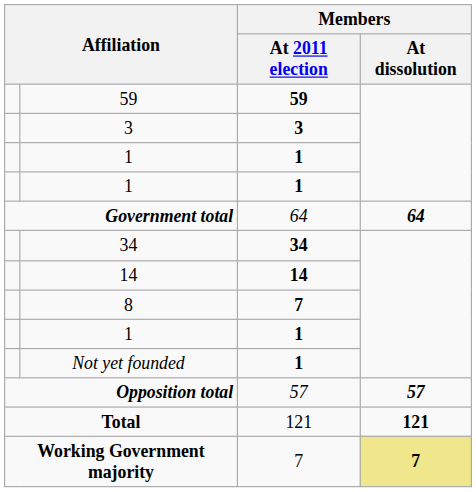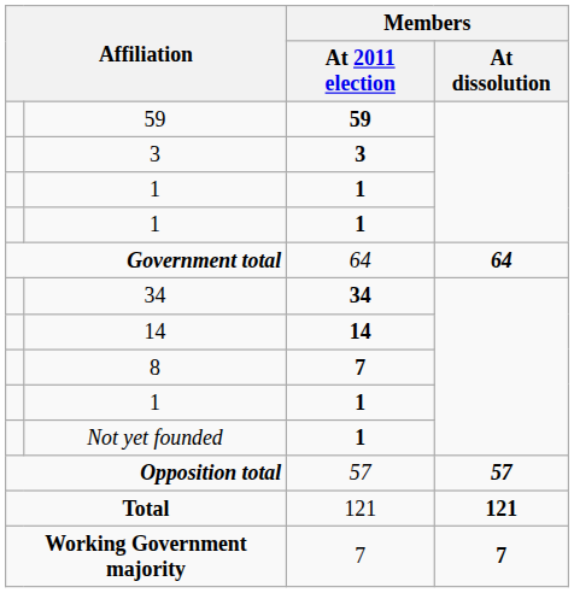 <table class="wikitable" border="1" style="font-size:95%; width:300pt; text-align:center">
 <tr>
 <th colspan="2" rowspan="2" style="text-align:center;vertical-align:middle; ">Affiliation</th>
 <th colspan="2" style="vertical-align:top;">Members</th>
 </tr>
 <tr>
 <th>At <a href='#'>2011 election</a></th>
 <th>At dissolution</th>
 </tr>
 <tr>
 <td></td>
 <td>59</td>
 <td><strong>59</strong></td>
 </tr>
 <tr>
 <td></td>
 <td>3</td>
 <td><strong>3</strong></td>
 </tr>
 <tr>
 <td></td>
 <td>1</td>
 <td><strong>1</strong></td>
 </tr>
 <tr>
 <td></td>
 <td>1</td>
 <td><strong>1</strong></td>
 </tr>
 <tr>
 <td colspan="2" rowspan="1" style="text-align:right; "><strong><em>Government total</em></strong></td>
 <td><em>64</em></td>
 <td><strong><em>64</em></strong></td>
 </tr>
 <tr>
 <td></td>
 <td>34</td>
 <td><strong>34</strong></td>
 </tr>
 <tr>
 <td></td>
 <td>14</td>
 <td><strong>14</strong></td>
 </tr>
 <tr>
 <td></td>
 <td>8</td>
 <td><strong>7</strong></td>
 </tr>
 <tr>
 <td></td>
 <td>1</td>
 <td><strong>1</strong></td>
 </tr>
 <tr>
 <td></td>
 <td><em>Not yet founded</em></td>
 <td><strong>1</strong></td>
 </tr>
 <tr>
 <td colspan="2" rowspan="1" style="text-align:right; "><strong><em>Opposition total</em></strong></td>
 <td><em>57</em></td>
 <td><strong><em>57</em></strong></td>
 </tr>
 <tr>
 <td colspan="2" rowspan="1"><strong>Total</strong><br></td>
 <td>121</td>
 <td><strong>121</strong></td>
 </tr>
 <tr>
 <td colspan="2" rowspan="1"><strong>Working Government majority</strong></td>
 <td>7</td>
-<td style="background: khaki;"><strong>7</strong></td>
+<td><strong>7</strong></td>
 </tr>
 </table>
